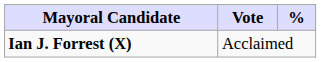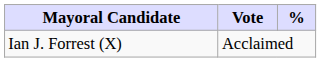 <table class="wikitable">
 <tr>
 <th style="background:#ddf; width:200px;">Mayoral Candidate </th>
 <th style="background:#ddf; width:50px;">Vote</th>
 <th style="background:#ddf; width:30px;">%</th>
 </tr>
 <tr>
-<td><strong>Ian J. Forrest (X)</strong></td>
+<td>Ian J. Forrest (X)</td>
 <td colspan="2">Acclaimed</td>
 </tr>
 </table>
